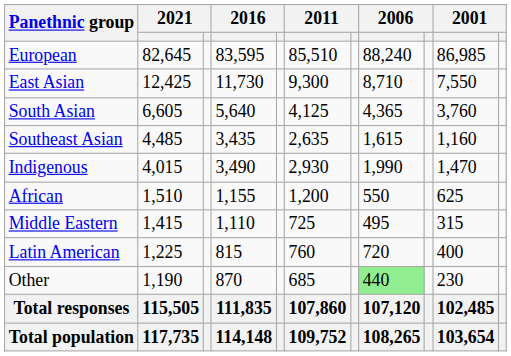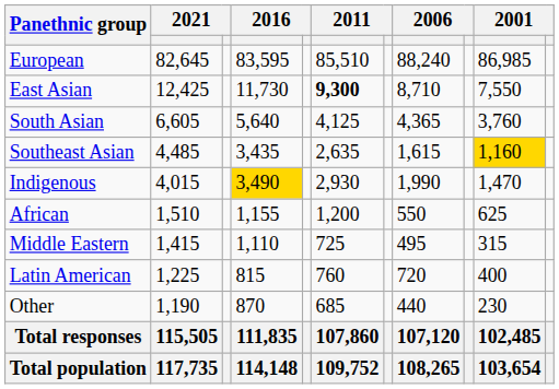 <table class="wikitable collapsible sortable">
 <tr>
 <th rowspan="2"><a href='#'>Panethnic</a> group</th>
 <th colspan="2">2021</th>
 <th colspan="2">2016</th>
 <th colspan="2">2011</th>
 <th colspan="2">2006</th>
 <th colspan="2">2001</th>
 </tr>
 <tr>
 <th><a href='#'></a></th>
 <th></th>
 <th></th>
 <th></th>
 <th></th>
 <th></th>
 <th></th>
 <th></th>
 <th></th>
 <th></th>
 </tr>
 <tr>
 <td><a href='#'>European</a></td>
 <td>82,645</td>
 <td></td>
 <td>83,595</td>
 <td></td>
 <td>85,510</td>
 <td></td>
 <td>88,240</td>
 <td></td>
 <td>86,985</td>
 <td></td>
 </tr>
 <tr>
 <td><a href='#'>East Asian</a></td>
 <td>12,425</td>
 <td></td>
 <td>11,730</td>
 <td></td>
-<td>9,300</td>
+<td><strong>9,300</strong></td>
 <td></td>
 <td>8,710</td>
 <td></td>
 <td>7,550</td>
 <td></td>
 </tr>
 <tr>
 <td><a href='#'>South Asian</a></td>
 <td>6,605</td>
 <td></td>
 <td>5,640</td>
 <td></td>
 <td>4,125</td>
 <td></td>
 <td>4,365</td>
 <td></td>
 <td>3,760</td>
 <td></td>
 </tr>
 <tr>
 <td><a href='#'>Southeast Asian</a></td>
 <td>4,485</td>
 <td></td>
 <td>3,435</td>
 <td></td>
 <td>2,635</td>
 <td></td>
 <td>1,615</td>
 <td></td>
-<td>1,160</td>
+<td style="background: gold;">1,160</td>
 <td></td>
 </tr>
 <tr>
 <td><a href='#'>Indigenous</a></td>
 <td>4,015</td>
 <td></td>
-<td>3,490</td>
+<td style="background: gold;">3,490</td>
 <td></td>
 <td>2,930</td>
 <td></td>
 <td>1,990</td>
 <td></td>
 <td>1,470</td>
 <td></td>
 </tr>
 <tr>
 <td><a href='#'>African</a></td>
 <td>1,510</td>
 <td></td>
 <td>1,155</td>
 <td></td>
 <td>1,200</td>
 <td></td>
 <td>550</td>
 <td></td>
 <td>625</td>
 <td></td>
 </tr>
 <tr>
 <td><a href='#'>Middle Eastern</a></td>
 <td>1,415</td>
 <td></td>
 <td>1,110</td>
 <td></td>
 <td>725</td>
 <td></td>
 <td>495</td>
 <td></td>
 <td>315</td>
 <td></td>
 </tr>
 <tr>
 <td><a href='#'>Latin American</a></td>
 <td>1,225</td>
 <td></td>
 <td>815</td>
 <td></td>
 <td>760</td>
 <td></td>
 <td>720</td>
 <td></td>
 <td>400</td>
 <td></td>
 </tr>
 <tr>
 <td>Other</td>
 <td>1,190</td>
 <td></td>
 <td>870</td>
 <td></td>
 <td>685</td>
 <td></td>
-<td style="background: lightgreen;">440</td>
+<td>440</td>
 <td></td>
 <td>230</td>
 <td></td>
 </tr>
 <tr>
 <th>Total responses</th>
 <th>115,505</th>
 <th></th>
 <th>111,835</th>
 <th></th>
 <th>107,860</th>
 <th></th>
 <th>107,120</th>
 <th></th>
 <th>102,485</th>
 <th></th>
 </tr>
 <tr>
 <th>Total population</th>
 <th>117,735</th>
 <th></th>
 <th>114,148</th>
 <th></th>
 <th>109,752</th>
 <th></th>
 <th>108,265</th>
 <th></th>
 <th>103,654</th>
 <th></th>
 </tr>
 </table>
